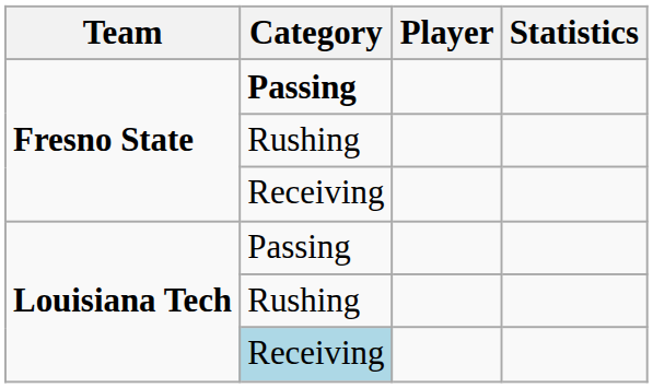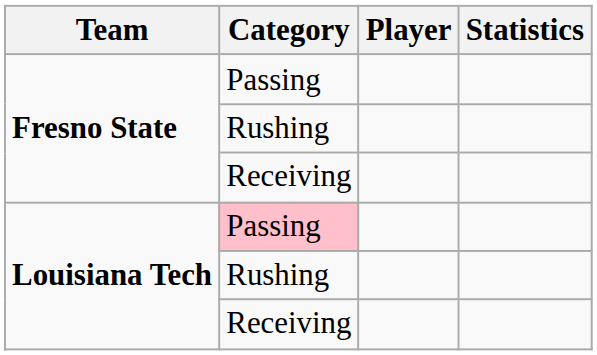 <table class="wikitable" style="float: left;">
 <tr>
 <th>Team</th>
 <th>Category</th>
 <th>Player</th>
 <th>Statistics</th>
 </tr>
 <tr>
 <td rowspan=3><strong>Fresno State</strong></td>
-<td><strong>Passing</strong></td>
+<td>Passing</td>
 <td></td>
 <td></td>
 </tr>
 <tr>
 <td>Rushing</td>
 <td></td>
 <td></td>
 </tr>
 <tr>
 <td>Receiving</td>
 <td></td>
 <td></td>
 </tr>
 <tr>
 <td rowspan=3><strong>Louisiana Tech</strong></td>
-<td>Passing</td>
+<td style="background: pink;">Passing</td>
 <td></td>
 <td></td>
 </tr>
 <tr>
 <td>Rushing</td>
 <td></td>
 <td></td>
 </tr>
 <tr>
-<td style="background: lightblue;">Receiving</td>
+<td>Receiving</td>
 <td></td>
 <td></td>
 </tr>
 </table>
